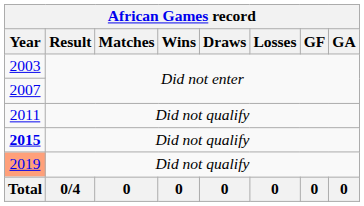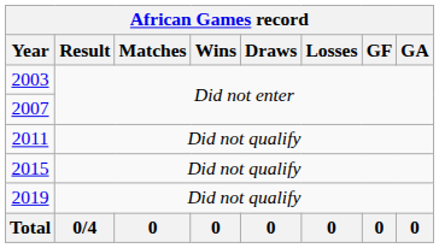 <table class="wikitable" style="text-align: center;">
 <tr>
 <th colspan=8><a href='#'>African Games</a> record</th>
 </tr>
 <tr>
 <th>Year</th>
 <th>Result</th>
 <th>Matches</th>
 <th>Wins</th>
 <th>Draws</th>
 <th>Losses</th>
 <th>GF</th>
 <th>GA</th>
 </tr>
 <tr>
 <td> <a href='#'>2003</a></td>
 <td rowspan=2 colspan=8><em>Did not enter</em></td>
 </tr>
 <tr>
 <td> <a href='#'>2007</a></td>
 </tr>
 <tr>
 <td> <a href='#'>2011</a></td>
 <td colspan=8><em>Did not qualify</em></td>
 </tr>
 <tr>
-<td><strong> <a href='#'>2015</a></strong></td>
+<td> <a href='#'>2015</a></td>
 <td colspan=8><em>Did not qualify</em></td>
 </tr>
 <tr>
-<td style="background: lightsalmon;"> <a href='#'>2019</a></td>
+<td> <a href='#'>2019</a></td>
 <td colspan=8><em>Did not qualify</em></td>
 </tr>
 <tr>
 <th>Total</th>
 <th>0/4</th>
 <th>0</th>
 <th>0</th>
 <th>0</th>
 <th>0</th>
 <th>0</th>
 <th>0</th>
 </tr>
 </table>
